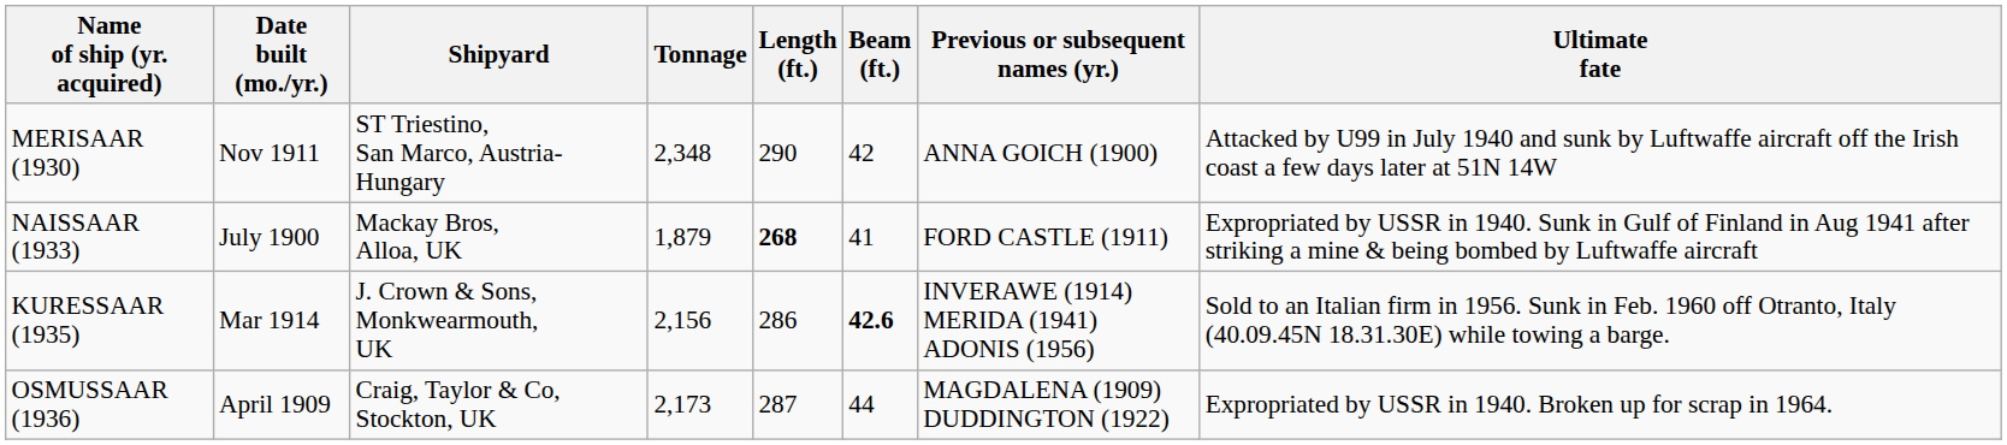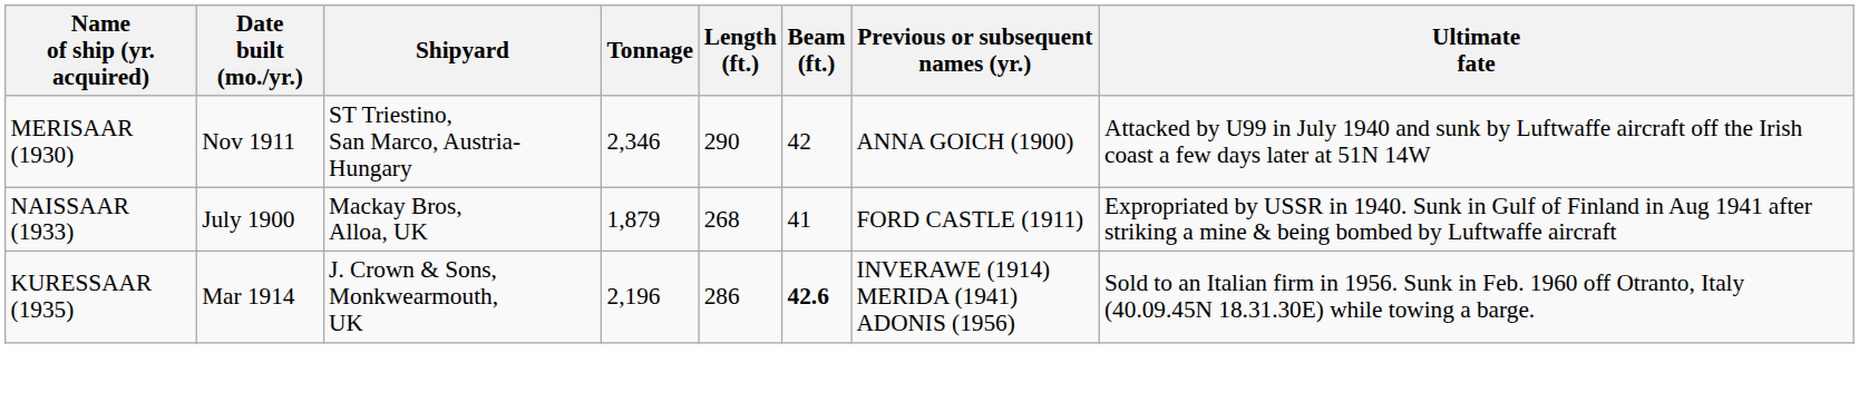 <table class="wikitable">
 <tr>
 <th>Name<br>of ship (yr. acquired)</th>
 <th>Date<br>built (mo./yr.)</th>
 <th>Shipyard</th>
 <th>Tonnage</th>
 <th>Length<br>(ft.)</th>
 <th>Beam<br>(ft.)</th>
 <th>Previous or subsequent<br>names (yr.)</th>
 <th>Ultimate<br>fate</th>
 </tr>
 <tr>
 <td>MERISAAR<br>(1930)</td>
 <td>Nov 1911</td>
 <td>ST Triestino,<br>San Marco, Austria-Hungary</td>
-<td>2,348</td>
+<td>2,346</td>
 <td>290</td>
 <td>42</td>
 <td>ANNA GOICH (1900)</td>
 <td>Attacked by U99 in July 1940 and sunk by Luftwaffe aircraft off the Irish coast a few days later at 51N 14W</td>
 </tr>
 <tr>
 <td>NAISSAAR<br>(1933)</td>
 <td>July 1900</td>
 <td>Mackay Bros,<br>Alloa, UK</td>
 <td>1,879</td>
-<td><strong>268</strong></td>
+<td>268</td>
 <td>41</td>
 <td>FORD CASTLE (1911)</td>
 <td>Expropriated by USSR in 1940. Sunk in Gulf of Finland in Aug 1941 after striking a mine & being bombed by Luftwaffe aircraft</td>
 </tr>
 <tr>
 <td>KURESSAAR<br>(1935)</td>
 <td>Mar 1914</td>
 <td>J. Crown & Sons, Monkwearmouth,<br>UK</td>
-<td>2,156</td>
+<td>2,196</td>
 <td>286</td>
 <td><strong>42.6</strong></td>
 <td>INVERAWE (1914)<br>MERIDA (1941) ADONIS (1956)</td>
 <td>Sold to an Italian firm in 1956. Sunk in Feb. 1960 off Otranto, Italy (40.09.45N 18.31.30E) while towing a barge.</td>
 </tr>
-<tr>
-<td>OSMUSSAAR<br>(1936)</td>
-<td>April 1909</td>
-<td>Craig, Taylor & Co,<br>Stockton, UK</td>
-<td>2,173</td>
-<td>287</td>
-<td>44</td>
-<td>MAGDALENA (1909)<br>DUDDINGTON (1922)</td>
-<td>Expropriated by USSR in 1940. Broken up for scrap in 1964.</td>
-</tr>
 </table>
